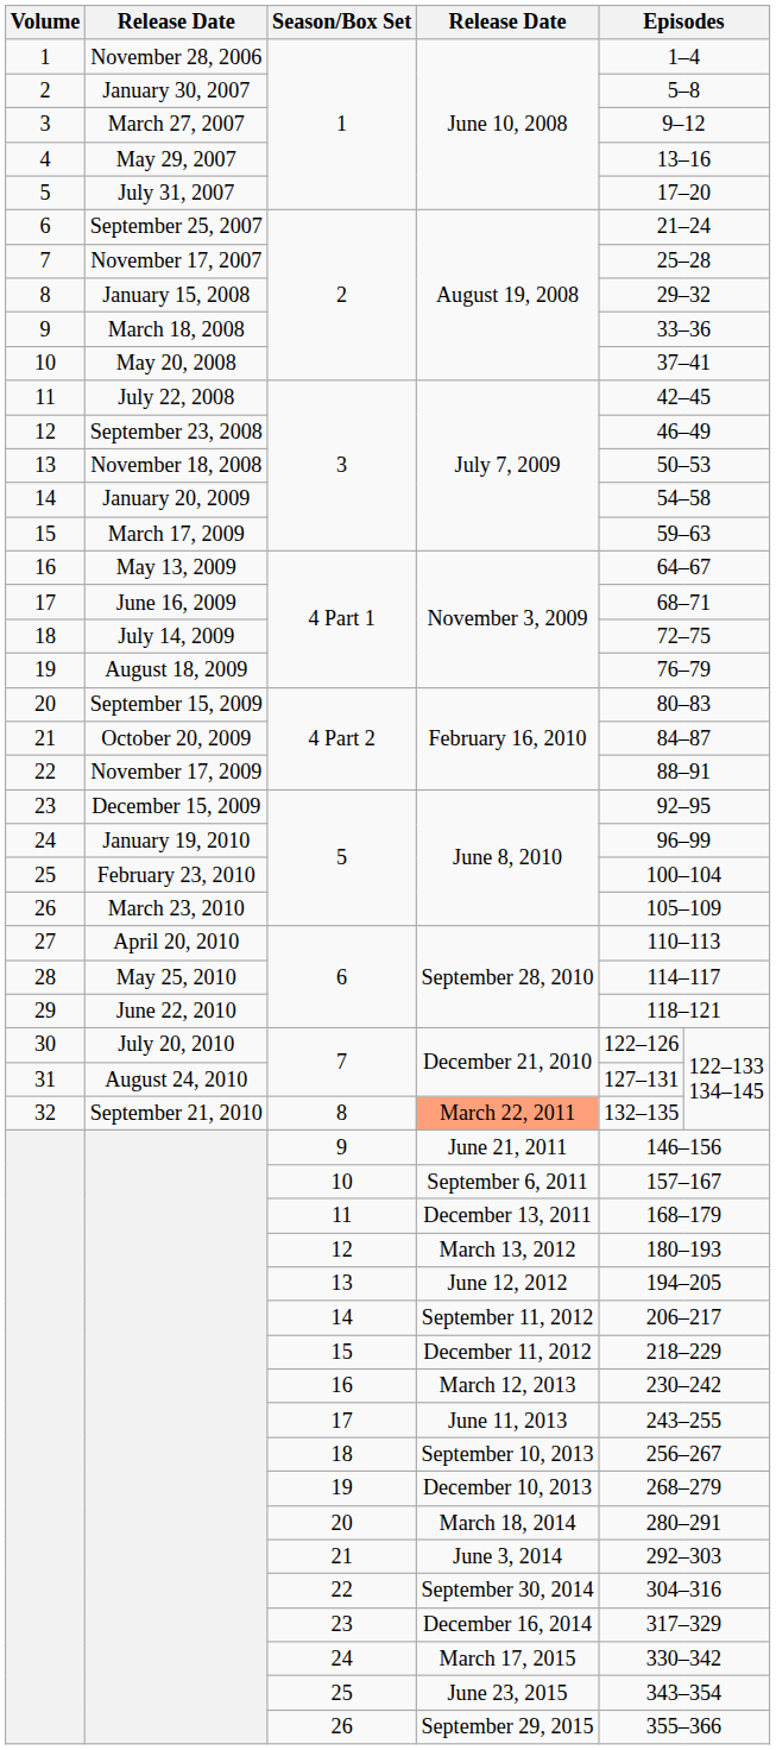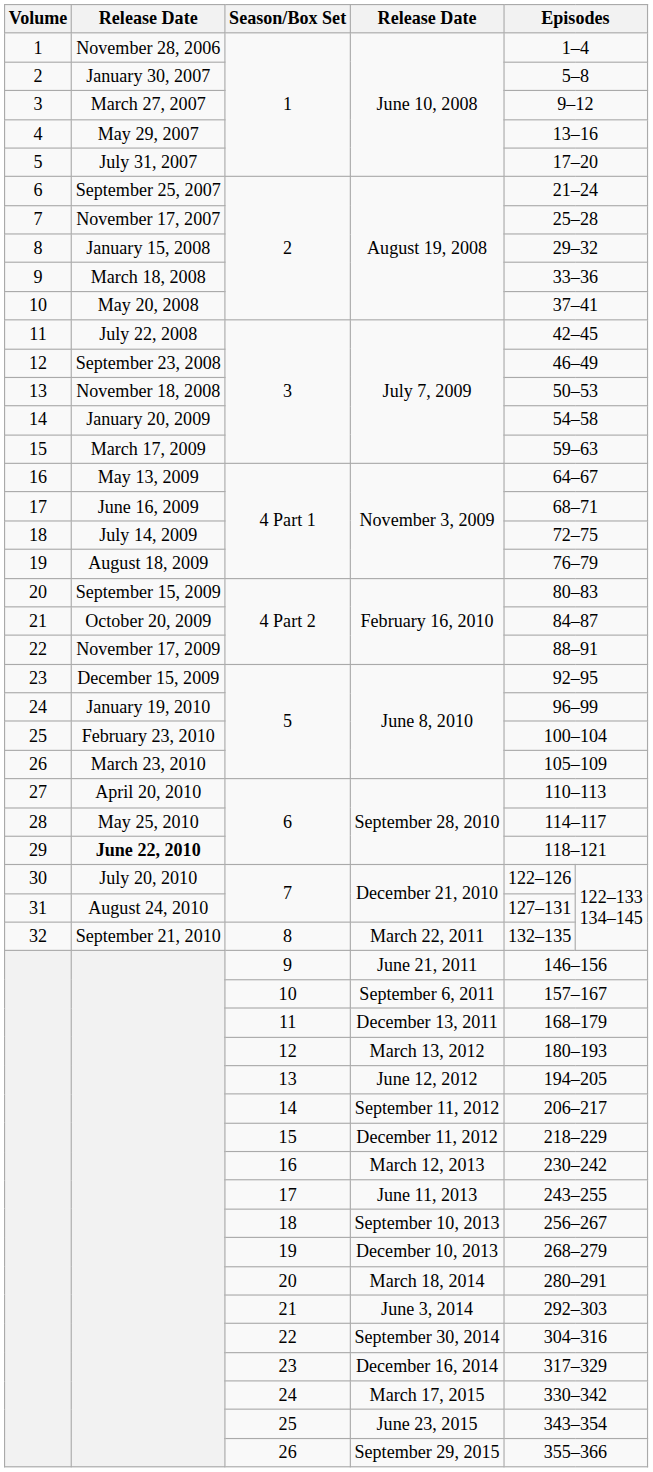 <table class="wikitable" style="text-align:center;">
 <tr>
 <th>Volume</th>
 <th>Release Date</th>
 <th>Season/Box Set</th>
 <th>Release Date</th>
 <th colspan="2">Episodes</th>
 </tr>
 <tr>
 <td>1</td>
 <td>November 28, 2006</td>
 <td rowspan="5">1</td>
 <td rowspan="5">June 10, 2008</td>
 <td colspan="2">1–4</td>
 </tr>
 <tr>
 <td>2</td>
 <td>January 30, 2007</td>
 <td colspan="2">5–8</td>
 </tr>
 <tr>
 <td>3</td>
 <td>March 27, 2007</td>
 <td colspan="2">9–12</td>
 </tr>
 <tr>
 <td>4</td>
 <td>May 29, 2007</td>
 <td colspan="2">13–16</td>
 </tr>
 <tr>
 <td>5</td>
 <td>July 31, 2007</td>
 <td colspan="2">17–20</td>
 </tr>
 <tr>
 <td>6</td>
 <td>September 25, 2007</td>
 <td rowspan="5">2</td>
 <td rowspan="5">August 19, 2008</td>
 <td colspan="2">21–24</td>
 </tr>
 <tr>
 <td>7</td>
 <td>November 17, 2007</td>
 <td colspan="2">25–28</td>
 </tr>
 <tr>
 <td>8</td>
 <td>January 15, 2008</td>
 <td colspan="2">29–32</td>
 </tr>
 <tr>
 <td>9</td>
 <td>March 18, 2008</td>
 <td colspan="2">33–36</td>
 </tr>
 <tr>
 <td>10</td>
 <td>May 20, 2008</td>
 <td colspan="2">37–41</td>
 </tr>
 <tr>
 <td>11</td>
 <td>July 22, 2008</td>
 <td rowspan="5">3</td>
 <td rowspan="5">July 7, 2009</td>
 <td colspan="2">42–45</td>
 </tr>
 <tr>
 <td>12</td>
 <td>September 23, 2008</td>
 <td colspan="2">46–49</td>
 </tr>
 <tr>
 <td>13</td>
 <td>November 18, 2008</td>
 <td colspan="2">50–53</td>
 </tr>
 <tr>
 <td>14</td>
 <td>January 20, 2009</td>
 <td colspan="2">54–58</td>
 </tr>
 <tr>
 <td>15</td>
 <td>March 17, 2009</td>
 <td colspan="2">59–63</td>
 </tr>
 <tr>
 <td>16</td>
 <td>May 13, 2009</td>
 <td rowspan="4">4 Part 1</td>
 <td rowspan="4">November 3, 2009</td>
 <td colspan="2">64–67</td>
 </tr>
 <tr>
 <td>17</td>
 <td>June 16, 2009</td>
 <td colspan="2">68–71</td>
 </tr>
 <tr>
 <td>18</td>
 <td>July 14, 2009</td>
 <td colspan="2">72–75</td>
 </tr>
 <tr>
 <td>19</td>
 <td>August 18, 2009</td>
 <td colspan="2">76–79</td>
 </tr>
 <tr>
 <td>20</td>
 <td>September 15, 2009</td>
 <td rowspan="3">4 Part 2</td>
 <td rowspan="3">February 16, 2010</td>
 <td colspan="2">80–83</td>
 </tr>
 <tr>
 <td>21</td>
 <td>October 20, 2009</td>
 <td colspan="2">84–87</td>
 </tr>
 <tr>
 <td>22</td>
 <td>November 17, 2009</td>
 <td colspan="2">88–91</td>
 </tr>
 <tr>
 <td>23</td>
 <td>December 15, 2009</td>
 <td rowspan="4">5</td>
 <td rowspan="4">June 8, 2010</td>
 <td colspan="2">92–95</td>
 </tr>
 <tr>
 <td>24</td>
 <td>January 19, 2010</td>
 <td colspan="2">96–99</td>
 </tr>
 <tr>
 <td>25</td>
 <td>February 23, 2010</td>
 <td colspan="2">100–104</td>
 </tr>
 <tr>
 <td>26</td>
 <td>March 23, 2010</td>
 <td colspan="2">105–109</td>
 </tr>
 <tr>
 <td>27</td>
 <td>April 20, 2010</td>
 <td rowspan="3">6</td>
 <td rowspan="3">September 28, 2010</td>
 <td colspan="2">110–113</td>
 </tr>
 <tr>
 <td>28</td>
 <td>May 25, 2010</td>
 <td colspan="2">114–117</td>
 </tr>
 <tr>
 <td>29</td>
-<td>June 22, 2010</td>
+<td><strong>June 22, 2010</strong></td>
 <td colspan="2">118–121</td>
 </tr>
 <tr>
 <td>30</td>
 <td>July 20, 2010</td>
 <td rowspan="2">7</td>
 <td rowspan="2">December 21, 2010</td>
 <td>122–126</td>
 <td rowspan="3">122–133<br>134–145</td>
 </tr>
 <tr>
 <td>31</td>
 <td>August 24, 2010</td>
 <td>127–131</td>
 </tr>
 <tr>
 <td>32</td>
 <td>September 21, 2010</td>
 <td>8</td>
-<td style="background: lightsalmon;">March 22, 2011</td>
+<td>March 22, 2011</td>
 <td>132–135</td>
 </tr>
 <tr>
 <th rowspan="18"></th>
 <th rowspan="18"></th>
 <td>9</td>
 <td>June 21, 2011</td>
 <td colspan="2">146–156</td>
 </tr>
 <tr>
 <td>10</td>
 <td>September 6, 2011</td>
 <td colspan="2">157–167</td>
 </tr>
 <tr>
 <td>11</td>
 <td>December 13, 2011</td>
 <td colspan="2">168–179</td>
 </tr>
 <tr>
 <td>12</td>
 <td>March 13, 2012</td>
 <td colspan="2">180–193</td>
 </tr>
 <tr>
 <td>13</td>
 <td>June 12, 2012</td>
 <td colspan="2">194–205</td>
 </tr>
 <tr>
 <td>14</td>
 <td>September 11, 2012</td>
 <td colspan="2">206–217</td>
 </tr>
 <tr>
 <td>15</td>
 <td>December 11, 2012</td>
 <td colspan="2">218–229</td>
 </tr>
 <tr>
 <td>16</td>
 <td>March 12, 2013</td>
 <td colspan="2">230–242</td>
 </tr>
 <tr>
 <td>17</td>
 <td>June 11, 2013</td>
 <td colspan="2">243–255</td>
 </tr>
 <tr>
 <td>18</td>
 <td>September 10, 2013</td>
 <td colspan="2">256–267</td>
 </tr>
 <tr>
 <td>19</td>
 <td>December 10, 2013</td>
 <td colspan="2">268–279</td>
 </tr>
 <tr>
 <td>20</td>
 <td>March 18, 2014</td>
 <td colspan="2">280–291</td>
 </tr>
 <tr>
 <td>21</td>
 <td>June 3, 2014</td>
 <td colspan="2">292–303</td>
 </tr>
 <tr>
 <td>22</td>
 <td>September 30, 2014</td>
 <td colspan="2">304–316</td>
 </tr>
 <tr>
 <td>23</td>
 <td>December 16, 2014</td>
 <td colspan="2">317–329</td>
 </tr>
 <tr>
 <td>24</td>
 <td>March 17, 2015</td>
 <td colspan="2">330–342</td>
 </tr>
 <tr>
 <td>25</td>
 <td>June 23, 2015</td>
 <td colspan="2">343–354</td>
 </tr>
 <tr>
 <td>26</td>
 <td>September 29, 2015</td>
 <td colspan="2">355–366</td>
 </tr>
 </table>
